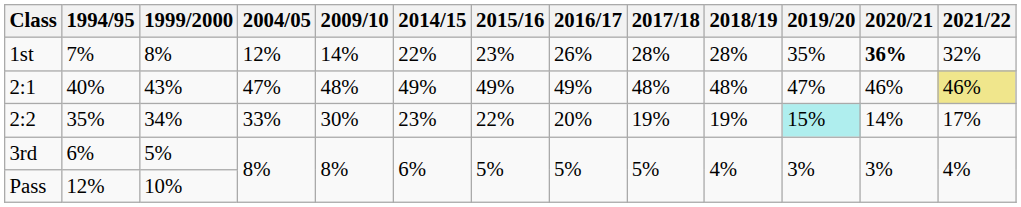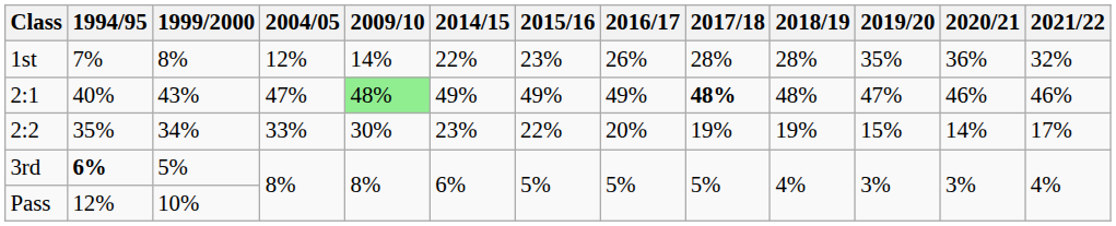 <table class=wikitable>
 <tr>
 <th>Class</th>
 <th>1994/95</th>
 <th>1999/2000</th>
 <th>2004/05</th>
 <th>2009/10</th>
 <th>2014/15</th>
 <th>2015/16</th>
 <th>2016/17</th>
 <th>2017/18</th>
 <th>2018/19</th>
 <th>2019/20</th>
 <th>2020/21</th>
 <th>2021/22</th>
 </tr>
 <tr>
 <td>1st</td>
 <td>7%</td>
 <td>8%</td>
 <td>12%</td>
 <td>14%</td>
 <td>22%</td>
 <td>23%</td>
 <td>26%</td>
 <td>28%</td>
 <td>28%</td>
 <td>35%</td>
-<td><strong>36%</strong></td>
+<td>36%</td>
 <td>32%</td>
 </tr>
 <tr>
 <td>2:1</td>
 <td>40%</td>
 <td>43%</td>
 <td>47%</td>
-<td>48%</td>
+<td style="background: lightgreen;">48%</td>
 <td>49%</td>
 <td>49%</td>
 <td>49%</td>
-<td>48%</td>
+<td><strong>48%</strong></td>
 <td>48%</td>
 <td>47%</td>
 <td>46%</td>
-<td style="background: khaki;">46%</td>
+<td>46%</td>
 </tr>
 <tr>
 <td>2:2</td>
 <td>35%</td>
 <td>34%</td>
 <td>33%</td>
 <td>30%</td>
 <td>23%</td>
 <td>22%</td>
 <td>20%</td>
 <td>19%</td>
 <td>19%</td>
-<td style="background: paleturquoise;">15%</td>
+<td>15%</td>
 <td>14%</td>
 <td>17%</td>
 </tr>
 <tr>
 <td>3rd</td>
-<td>6%</td>
+<td><strong>6%</strong></td>
 <td>5%</td>
 <td rowspan=2>8%</td>
 <td rowspan=2>8%</td>
 <td rowspan=2>6%</td>
 <td rowspan="2">5%</td>
 <td rowspan="2">5%</td>
 <td rowspan="2">5%</td>
 <td rowspan="2">4%</td>
 <td rowspan="2">3%</td>
 <td rowspan="2">3%</td>
 <td rowspan="2">4%</td>
 </tr>
 <tr>
 <td>Pass</td>
 <td>12%</td>
 <td>10%</td>
 </tr>
 </table>
